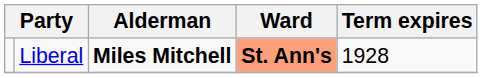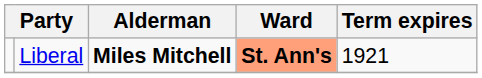 <table class="wikitable">
 <tr>
 <th colspan="2">Party</th>
 <th>Alderman</th>
 <th>Ward</th>
 <th>Term expires</th>
 </tr>
 <tr>
 <td style="background-color:"></td>
 <td><a href='#'>Liberal</a></td>
 <td><strong>Miles Mitchell</strong></td>
 <td style="background: lightsalmon;"><strong>St. Ann's</strong></td>
-<td>1928</td>
+<td>1921</td>
 </tr>
 <tr>
 </tr>
 </table>
